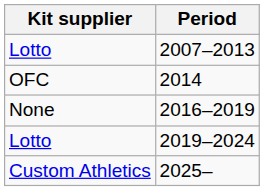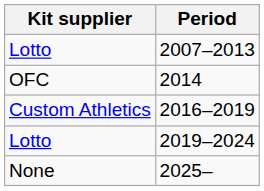 <table class="wikitable" style="text-align:left;">
 <tr>
 <th>Kit supplier</th>
 <th>Period</th>
 </tr>
 <tr>
 <td align="Left"> <a href='#'>Lotto</a></td>
 <td>2007–2013</td>
 </tr>
 <tr>
 <td align="left"> OFC</td>
 <td>2014</td>
 </tr>
 <tr>
-<td align="left">None</td>
+<td align="Left"> <a href='#'>Custom Athletics</a></td>
 <td>2016–2019</td>
 </tr>
 <tr>
 <td align="left"> <a href='#'>Lotto</a></td>
 <td>2019–2024</td>
 </tr>
 <tr>
-<td align="Left"> <a href='#'>Custom Athletics</a></td>
+<td align="left">None</td>
 <td>2025–</td>
 </tr>
 </table>
